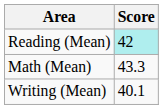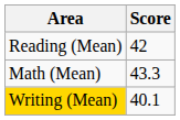 <table class="wikitable">
 <tr>
 <th>Area</th>
 <th>Score</th>
 </tr>
 <tr>
 <td>Reading (Mean)</td>
-<td style="background: paleturquoise;">42</td>
+<td>42</td>
 </tr>
 <tr>
 <td>Math (Mean)</td>
 <td>43.3</td>
 </tr>
 <tr>
-<td>Writing (Mean)</td>
+<td style="background: gold;">Writing (Mean)</td>
 <td>40.1</td>
 </tr>
 </table>
